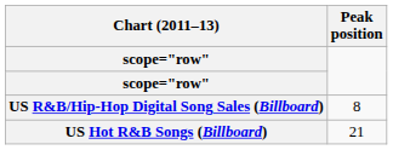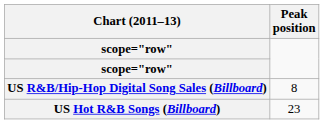 <table class="wikitable sortable plainrowheaders">
 <tr>
 <th scope="col">Chart (2011–13)</th>
 <th scope="col">Peak<br>position</th>
 </tr>
 <tr>
 <th>scope="row" </th>
 </tr>
 <tr>
 <th>scope="row" </th>
 </tr>
 <tr>
 <th scope="row">US <a href='#'>R&B/Hip-Hop Digital Song Sales</a> (<em><a href='#'>Billboard</a></em>)</th>
 <td style="text-align:center;">8</td>
 </tr>
 <tr>
 <th scope="row">US <a href='#'>Hot R&B Songs</a> (<em><a href='#'>Billboard</a></em>)</th>
-<td style="text-align:center;">21</td>
+<td style="text-align:center;">23</td>
 </tr>
 </table>
